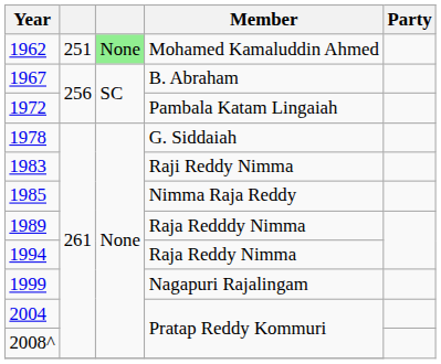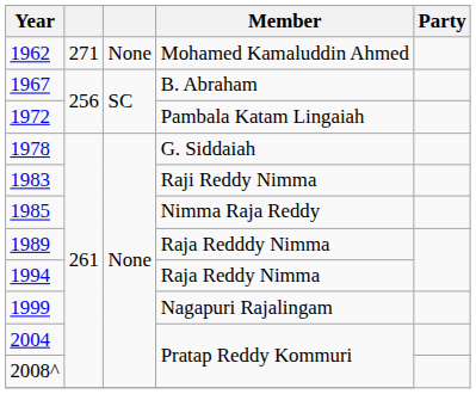 <table class="wikitable sortable">
 <tr>
 <th>Year</th>
 <th></th>
 <th></th>
 <th>Member</th>
 <th colspan="2">Party</th>
 </tr>
 <tr>
 <td><a href='#'>1962</a></td>
-<td>251</td>
-<td style="background: lightgreen;">None</td>
+<td>271</td>
+<td>None</td>
 <td>Mohamed Kamaluddin Ahmed</td>
 <td></td>
 </tr>
 <tr>
 <td><a href='#'>1967</a></td>
 <td rowspan="2">256</td>
 <td rowspan="2">SC</td>
 <td>B. Abraham</td>
 <td></td>
 </tr>
 <tr>
 <td><a href='#'>1972</a></td>
 <td>Pambala Katam Lingaiah</td>
 <td></td>
 </tr>
 <tr>
 <td><a href='#'>1978</a></td>
 <td rowspan="8">261</td>
 <td rowspan="8">None</td>
 <td>G. Siddaiah</td>
 <td></td>
 </tr>
 <tr>
 <td><a href='#'>1983</a></td>
 <td>Raji Reddy Nimma</td>
 <td></td>
 </tr>
 <tr>
 <td><a href='#'>1985</a></td>
 <td>Nimma Raja Reddy</td>
 <td></td>
 </tr>
 <tr>
 <td><a href='#'>1989</a></td>
 <td>Raja Redddy Nimma</td>
 </tr>
 <tr>
 <td><a href='#'>1994</a></td>
 <td>Raja Reddy Nimma</td>
 </tr>
 <tr>
 <td><a href='#'>1999</a></td>
 <td>Nagapuri Rajalingam</td>
 <td></td>
 </tr>
 <tr>
 <td><a href='#'>2004</a></td>
 <td rowspan="2">Pratap Reddy Kommuri</td>
 <td></td>
 </tr>
 <tr>
 <td>2008^</td>
 </tr>
 <tr>
 </tr>
 </table>
